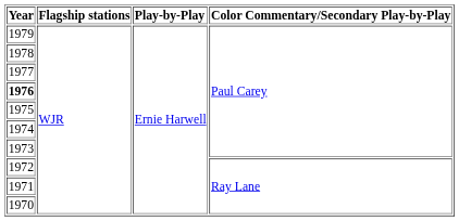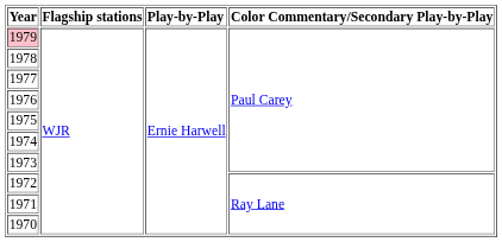 <table border="1" cellpadding="1">
 <tr>
 <td><strong>Year</strong></td>
 <td><strong>Flagship stations</strong></td>
 <td><strong>Play-by-Play</strong></td>
 <td><strong>Color Commentary/Secondary Play-by-Play</strong></td>
 </tr>
 <tr>
-<td>1979</td>
+<td style="background: pink;">1979</td>
 <td rowspan=10><a href='#'>WJR</a></td>
 <td rowspan=10><a href='#'>Ernie Harwell</a></td>
 <td rowspan=7><a href='#'>Paul Carey</a></td>
 </tr>
 <tr>
 <td>1978</td>
 </tr>
 <tr>
 <td>1977</td>
 </tr>
 <tr>
-<td><strong>1976</strong></td>
+<td>1976</td>
 </tr>
 <tr>
 <td>1975</td>
 </tr>
 <tr>
 <td>1974</td>
 </tr>
 <tr>
 <td>1973</td>
 </tr>
 <tr>
 <td>1972</td>
 <td rowspan=3><a href='#'>Ray Lane</a></td>
 </tr>
 <tr>
 <td>1971</td>
 </tr>
 <tr>
 <td>1970</td>
 </tr>
 </table>
